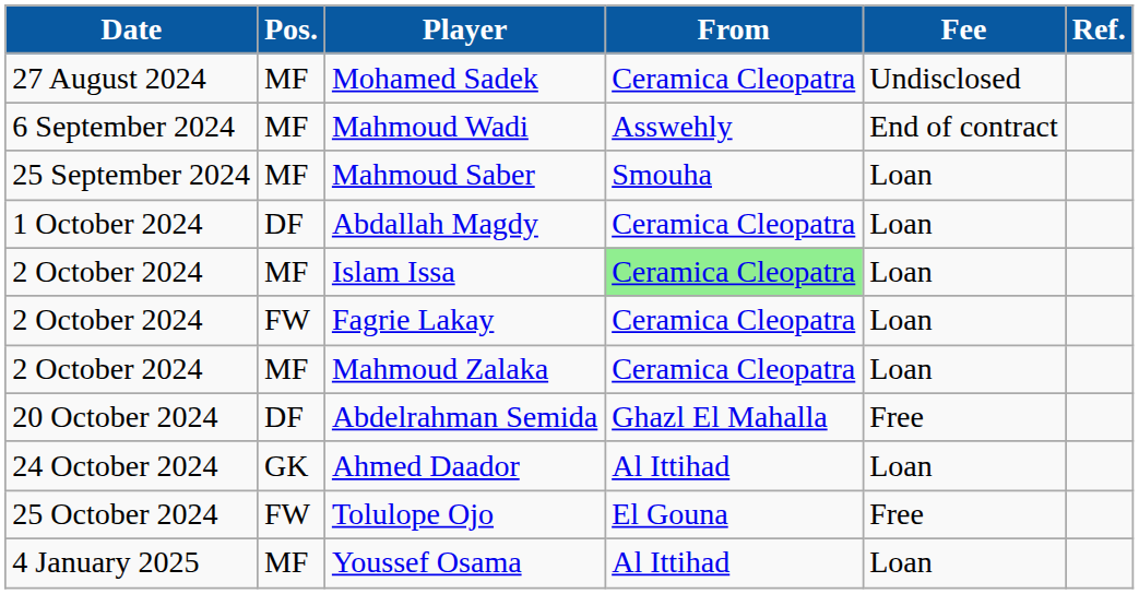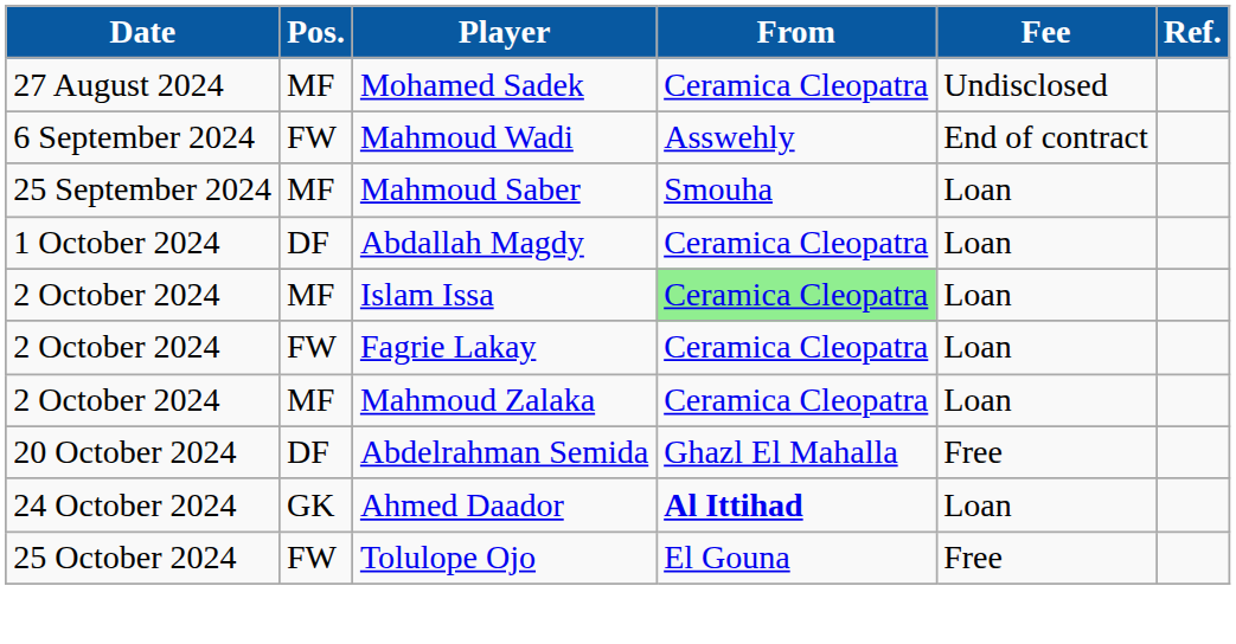 <table class="wikitable plainrowheaders sortable">
 <tr>
 <th style="background:#0859a1; color:#ffffff; ">Date</th>
 <th style="background:#0859a1; color:#ffffff; ">Pos.</th>
 <th style="background:#0859a1; color:#ffffff; ">Player</th>
 <th style="background:#0859a1; color:#ffffff; ">From</th>
 <th style="background:#0859a1; color:#ffffff; ">Fee</th>
 <th style="background:#0859a1; color:#ffffff; ">Ref.</th>
 </tr>
 <tr>
 <td>27 August 2024</td>
 <td>MF</td>
 <td> <a href='#'>Mohamed Sadek</a></td>
 <td> <a href='#'>Ceramica Cleopatra</a></td>
 <td>Undisclosed</td>
 <td></td>
 </tr>
 <tr>
 <td>6 September 2024</td>
-<td>MF</td>
+<td>FW</td>
 <td> <a href='#'>Mahmoud Wadi</a></td>
 <td> <a href='#'>Asswehly</a></td>
 <td>End of contract</td>
 <td></td>
 </tr>
 <tr>
 <td>25 September 2024</td>
 <td>MF</td>
 <td> <a href='#'>Mahmoud Saber</a></td>
 <td> <a href='#'>Smouha</a></td>
 <td>Loan</td>
 <td></td>
 </tr>
 <tr>
 <td>1 October 2024</td>
 <td>DF</td>
 <td> <a href='#'>Abdallah Magdy</a></td>
 <td> <a href='#'>Ceramica Cleopatra</a></td>
 <td>Loan</td>
 <td></td>
 </tr>
 <tr>
 <td>2 October 2024</td>
 <td>MF</td>
 <td> <a href='#'>Islam Issa</a></td>
 <td style="background: lightgreen;"> <a href='#'>Ceramica Cleopatra</a></td>
 <td>Loan</td>
 <td></td>
 </tr>
 <tr>
 <td>2 October 2024</td>
 <td>FW</td>
 <td> <a href='#'>Fagrie Lakay</a></td>
 <td> <a href='#'>Ceramica Cleopatra</a></td>
 <td>Loan</td>
 <td></td>
 </tr>
 <tr>
 <td>2 October 2024</td>
 <td>MF</td>
 <td> <a href='#'>Mahmoud Zalaka</a></td>
 <td> <a href='#'>Ceramica Cleopatra</a></td>
 <td>Loan</td>
 <td></td>
 </tr>
 <tr>
 <td>20 October 2024</td>
 <td>DF</td>
 <td> <a href='#'>Abdelrahman Semida</a></td>
 <td> <a href='#'>Ghazl El Mahalla</a></td>
 <td>Free</td>
 <td></td>
 </tr>
 <tr>
 <td>24 October 2024</td>
 <td>GK</td>
 <td> <a href='#'>Ahmed Daador</a></td>
-<td> <a href='#'>Al Ittihad</a></td>
+<td><strong> <a href='#'>Al Ittihad</a></strong></td>
 <td>Loan</td>
 <td></td>
 </tr>
 <tr>
 <td>25 October 2024</td>
 <td>FW</td>
 <td> <a href='#'>Tolulope Ojo</a></td>
 <td> <a href='#'>El Gouna</a></td>
 <td>Free</td>
 <td></td>
 </tr>
-<tr>
-<td>4 January 2025</td>
-<td>MF</td>
-<td> <a href='#'>Youssef Osama</a></td>
-<td> <a href='#'>Al Ittihad</a></td>
-<td>Loan</td>
-<td></td>
-</tr>
 </table>
